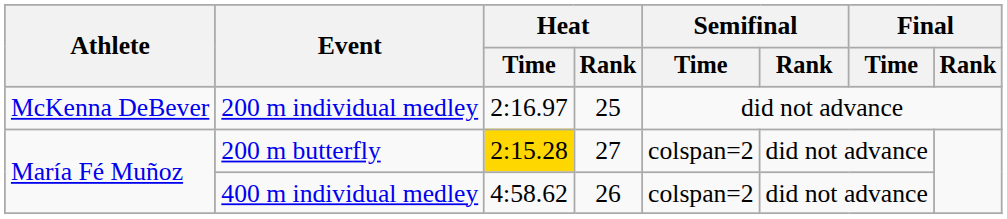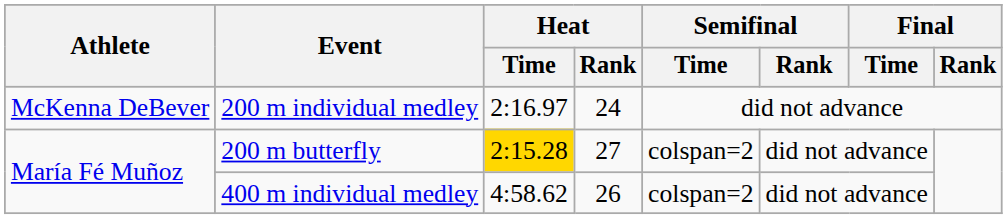 <table class="wikitable" style="text-align:center; font-size:90%">
 <tr>
 <th rowspan="2">Athlete</th>
 <th rowspan="2">Event</th>
 <th colspan="2">Heat</th>
 <th colspan="2">Semifinal</th>
 <th colspan="2">Final</th>
 </tr>
 <tr style="font-size:95%">
 <th>Time</th>
 <th>Rank</th>
 <th>Time</th>
 <th>Rank</th>
 <th>Time</th>
 <th>Rank</th>
 </tr>
 <tr>
 <td align=left><a href='#'>McKenna DeBever</a></td>
 <td align=left><a href='#'>200 m individual medley</a></td>
 <td>2:16.97</td>
-<td>25</td>
+<td>24</td>
 <td colspan=4>did not advance</td>
 </tr>
 <tr>
 <td align=left rowspan=2><a href='#'>María Fé Muñoz</a></td>
 <td align=left><a href='#'>200 m butterfly</a></td>
 <td style="background: gold;">2:15.28</td>
 <td>27</td>
 <td>colspan=2</td>
 <td colspan=2>did not advance</td>
 </tr>
 <tr>
 <td align=left><a href='#'>400 m individual medley</a></td>
 <td>4:58.62</td>
 <td>26</td>
 <td>colspan=2</td>
 <td colspan=2>did not advance</td>
 </tr>
 </table>
